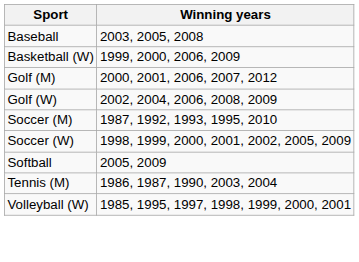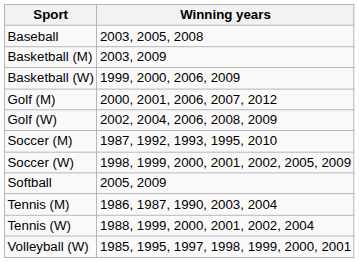 <table class="wikitable">
 <tr>
 <th width=px>Sport</th>
 <th width=px>Winning years</th>
 </tr>
 <tr>
 <td>Baseball</td>
 <td>2003, 2005, 2008</td>
+</tr>
+<tr>
+<td>Basketball (M)</td>
+<td>2003, 2009</td>
 </tr>
 <tr>
 <td>Basketball (W)</td>
 <td>1999, 2000, 2006, 2009</td>
 </tr>
 <tr>
 <td>Golf (M)</td>
 <td>2000, 2001, 2006, 2007, 2012</td>
 </tr>
 <tr>
 <td>Golf (W)</td>
 <td>2002, 2004, 2006, 2008, 2009</td>
 </tr>
 <tr>
 <td>Soccer (M)</td>
 <td>1987, 1992, 1993, 1995, 2010</td>
 </tr>
 <tr>
 <td>Soccer (W)</td>
 <td>1998, 1999, 2000, 2001, 2002, 2005, 2009</td>
 </tr>
 <tr>
 <td>Softball</td>
 <td>2005, 2009</td>
 </tr>
 <tr>
 <td>Tennis (M)</td>
 <td>1986, 1987, 1990, 2003, 2004</td>
 </tr>
 <tr>
+<td>Tennis (W)</td>
+<td>1988, 1999, 2000, 2001, 2002, 2004</td>
+</tr>
+<tr>
 <td>Volleyball (W)</td>
 <td>1985, 1995, 1997, 1998, 1999, 2000, 2001</td>
 </tr>
 </table>
